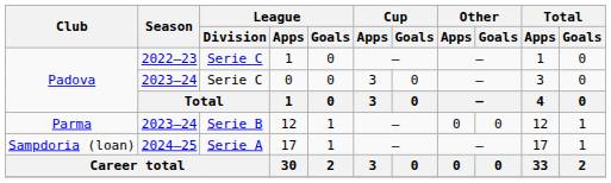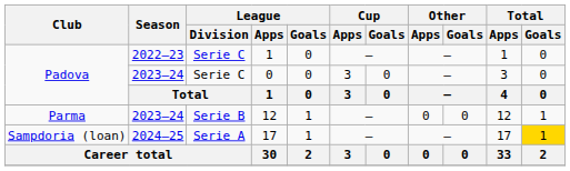 <table class="wikitable" style="text-align:center">
 <tr>
 <th rowspan="2">Club</th>
 <th rowspan="2">Season</th>
 <th colspan="3">League</th>
 <th colspan="2">Cup</th>
 <th colspan="2">Other</th>
 <th colspan="2">Total</th>
 </tr>
 <tr>
 <th>Division</th>
 <th>Apps</th>
 <th>Goals</th>
 <th>Apps</th>
 <th>Goals</th>
 <th>Apps</th>
 <th>Goals</th>
 <th>Apps</th>
 <th>Goals</th>
 </tr>
 <tr>
 <td rowspan="3"><a href='#'>Padova</a></td>
 <td><a href='#'>2022–23</a></td>
 <td><a href='#'>Serie C</a></td>
 <td>1</td>
 <td>0</td>
 <td colspan="2">—</td>
 <td colspan="2">—</td>
 <td>1</td>
 <td>0</td>
 </tr>
 <tr>
 <td><a href='#'>2023–24</a></td>
 <td>Serie C</td>
 <td>0</td>
 <td>0</td>
 <td>3</td>
 <td>0</td>
 <td colspan="2">—</td>
 <td>3</td>
 <td>0</td>
 </tr>
 <tr>
 <th colspan="2">Total</th>
 <th>1</th>
 <th>0</th>
 <th>3</th>
 <th>0</th>
 <th colspan="2">—</th>
 <th>4</th>
 <th>0</th>
 </tr>
 <tr>
 <td><a href='#'>Parma</a></td>
 <td><a href='#'>2023–24</a></td>
 <td><a href='#'>Serie B</a></td>
 <td>12</td>
 <td>1</td>
 <td colspan="2">—</td>
 <td>0</td>
 <td>0</td>
 <td>12</td>
 <td>1</td>
 </tr>
 <tr>
 <td><a href='#'>Sampdoria</a> (loan)</td>
 <td><a href='#'>2024–25</a></td>
 <td><a href='#'>Serie A</a></td>
 <td>17</td>
 <td>1</td>
 <td colspan="2">—</td>
 <td colspan="2">—</td>
 <td>17</td>
-<td>1</td>
+<td style="background: gold;">1</td>
 </tr>
 <tr>
 <th colspan="3">Career total</th>
 <th>30</th>
 <th>2</th>
 <th>3</th>
 <th>0</th>
 <th>0</th>
 <th>0</th>
 <th>33</th>
 <th>2</th>
 </tr>
 <tr>
 </tr>
 </table>
